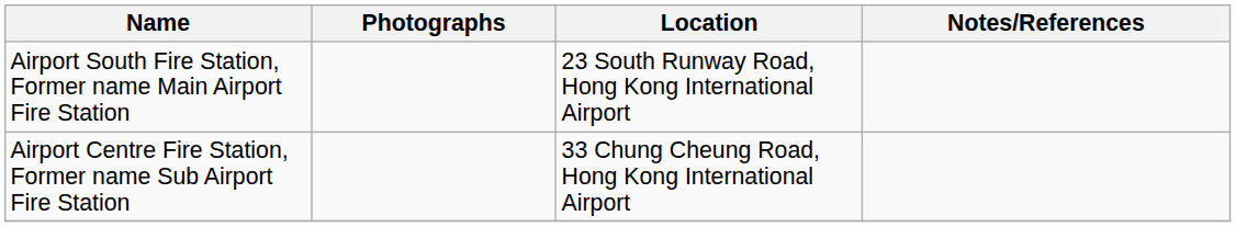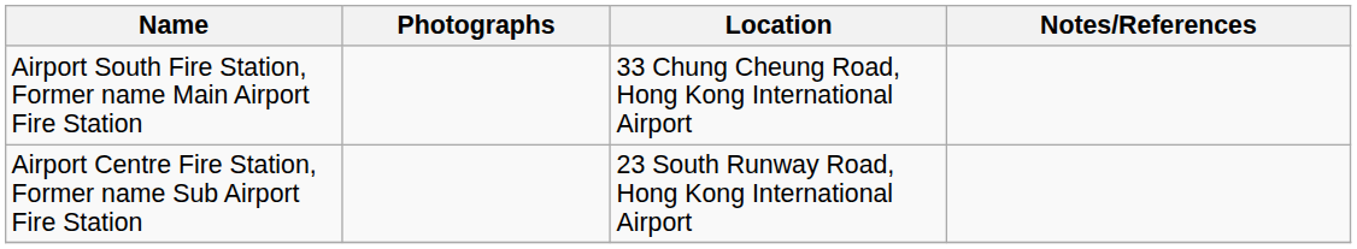 <table class="wikitable sortable" style="width:95%">
 <tr>
 <th width="25%">Name</th>
 <th width="20%">Photographs</th>
 <th width="25%">Location</th>
 <th width="30%">Notes/References</th>
 </tr>
 <tr>
 <td>Airport South Fire Station, <br>Former name Main Airport Fire Station</td>
 <td></td>
-<td>23 South Runway Road, Hong Kong International Airport</td>
+<td>33 Chung Cheung Road, Hong Kong International Airport</td>
 <td></td>
 </tr>
 <tr>
 <td>Airport Centre Fire Station, <br>Former name Sub Airport Fire Station</td>
 <td></td>
-<td>33 Chung Cheung Road, Hong Kong International Airport</td>
+<td>23 South Runway Road, Hong Kong International Airport</td>
 <td></td>
 </tr>
 <tr>
 </tr>
 </table>
